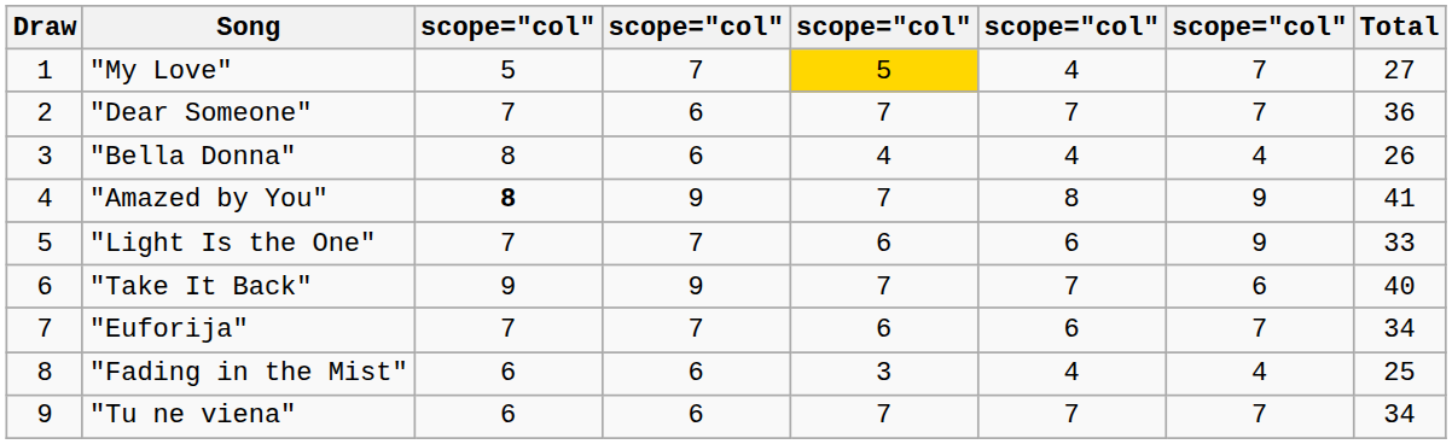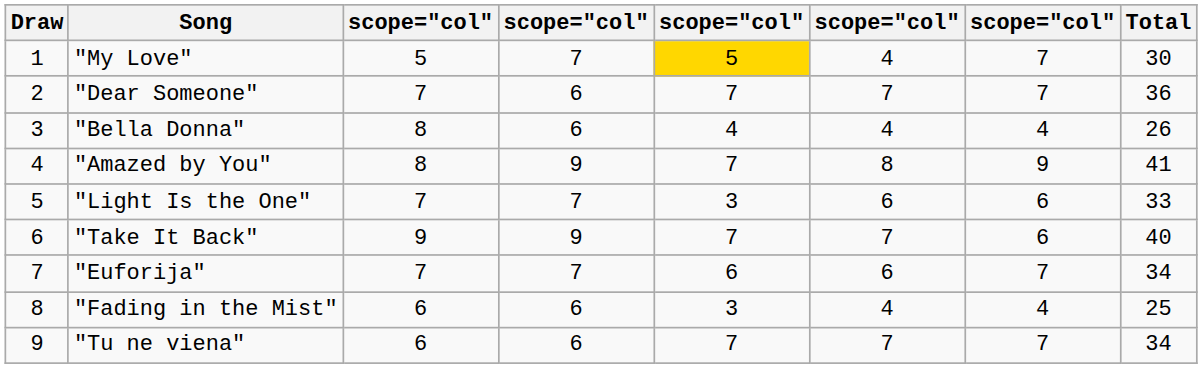 <table class="wikitable collapsible" style="margin: 1em auto 1em auto; text-align:center;">
 <tr>
 <th>Draw</th>
 <th>Song</th>
 <th>scope="col" </th>
 <th>scope="col" </th>
 <th>scope="col" </th>
 <th>scope="col" </th>
 <th>scope="col" </th>
 <th>Total</th>
 </tr>
 <tr>
 <td>1</td>
 <td align="left">"My Love"</td>
 <td>5</td>
 <td>7</td>
 <td style="background: gold;">5</td>
 <td>4</td>
 <td>7</td>
-<td>27</td>
+<td>30</td>
 </tr>
 <tr>
 <td>2</td>
 <td align="left">"Dear Someone"</td>
 <td>7</td>
 <td>6</td>
 <td>7</td>
 <td>7</td>
 <td>7</td>
 <td>36</td>
 </tr>
 <tr>
 <td>3</td>
 <td align="left">"Bella Donna"</td>
 <td>8</td>
 <td>6</td>
 <td>4</td>
 <td>4</td>
 <td>4</td>
 <td>26</td>
 </tr>
 <tr>
 <td>4</td>
 <td align="left">"Amazed by You"</td>
-<td><strong>8</strong></td>
+<td>8</td>
 <td>9</td>
 <td>7</td>
 <td>8</td>
 <td>9</td>
 <td>41</td>
 </tr>
 <tr>
 <td>5</td>
 <td align="left">"Light Is the One"</td>
 <td>7</td>
 <td>7</td>
+<td>3</td>
 <td>6</td>
 <td>6</td>
-<td>9</td>
 <td>33</td>
 </tr>
 <tr>
 <td>6</td>
 <td align="left">"Take It Back"</td>
 <td>9</td>
 <td>9</td>
 <td>7</td>
 <td>7</td>
 <td>6</td>
 <td>40</td>
 </tr>
 <tr>
 <td>7</td>
 <td align="left">"Euforija"</td>
 <td>7</td>
 <td>7</td>
 <td>6</td>
 <td>6</td>
 <td>7</td>
 <td>34</td>
 </tr>
 <tr>
 <td>8</td>
 <td align="left">"Fading in the Mist"</td>
 <td>6</td>
 <td>6</td>
 <td>3</td>
 <td>4</td>
 <td>4</td>
 <td>25</td>
 </tr>
 <tr>
 <td>9</td>
 <td align="left">"Tu ne viena"</td>
 <td>6</td>
 <td>6</td>
 <td>7</td>
 <td>7</td>
 <td>7</td>
 <td>34</td>
 </tr>
 </table>
